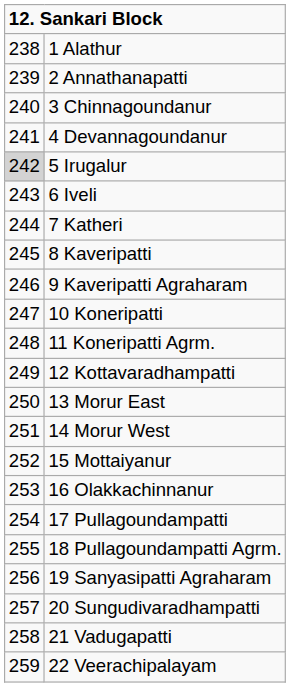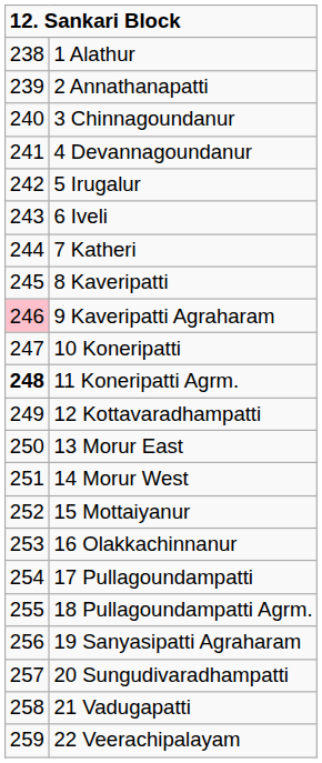 <table class="wikitable">
 <tr>
 <td colspan="2"><strong>12. Sankari Block</strong></td>
 </tr>
 <tr>
 <td>238</td>
 <td>1 Alathur</td>
 </tr>
 <tr>
 <td>239</td>
 <td>2 Annathanapatti</td>
 </tr>
 <tr>
 <td>240</td>
 <td>3 Chinnagoundanur</td>
 </tr>
 <tr>
 <td>241</td>
 <td>4 Devannagoundanur</td>
 </tr>
 <tr>
-<td style="background: lightgrey;">242</td>
+<td>242</td>
 <td>5 Irugalur</td>
 </tr>
 <tr>
 <td>243</td>
 <td>6 Iveli</td>
 </tr>
 <tr>
 <td>244</td>
 <td>7 Katheri</td>
 </tr>
 <tr>
 <td>245</td>
 <td>8 Kaveripatti</td>
 </tr>
 <tr>
-<td>246</td>
+<td style="background: pink;">246</td>
 <td>9 Kaveripatti Agraharam</td>
 </tr>
 <tr>
 <td>247</td>
 <td>10 Koneripatti</td>
 </tr>
 <tr>
-<td>248</td>
+<td><strong>248</strong></td>
 <td>11 Koneripatti Agrm.</td>
 </tr>
 <tr>
 <td>249</td>
 <td>12 Kottavaradhampatti</td>
 </tr>
 <tr>
 <td>250</td>
 <td>13 Morur East</td>
 </tr>
 <tr>
 <td>251</td>
 <td>14 Morur West</td>
 </tr>
 <tr>
 <td>252</td>
 <td>15 Mottaiyanur</td>
 </tr>
 <tr>
 <td>253</td>
 <td>16 Olakkachinnanur</td>
 </tr>
 <tr>
 <td>254</td>
 <td>17 Pullagoundampatti</td>
 </tr>
 <tr>
 <td>255</td>
 <td>18 Pullagoundampatti Agrm.</td>
 </tr>
 <tr>
 <td>256</td>
 <td>19 Sanyasipatti Agraharam</td>
 </tr>
 <tr>
 <td>257</td>
 <td>20 Sungudivaradhampatti</td>
 </tr>
 <tr>
 <td>258</td>
 <td>21 Vadugapatti</td>
 </tr>
 <tr>
 <td>259</td>
 <td>22 Veerachipalayam</td>
 </tr>
 </table>
